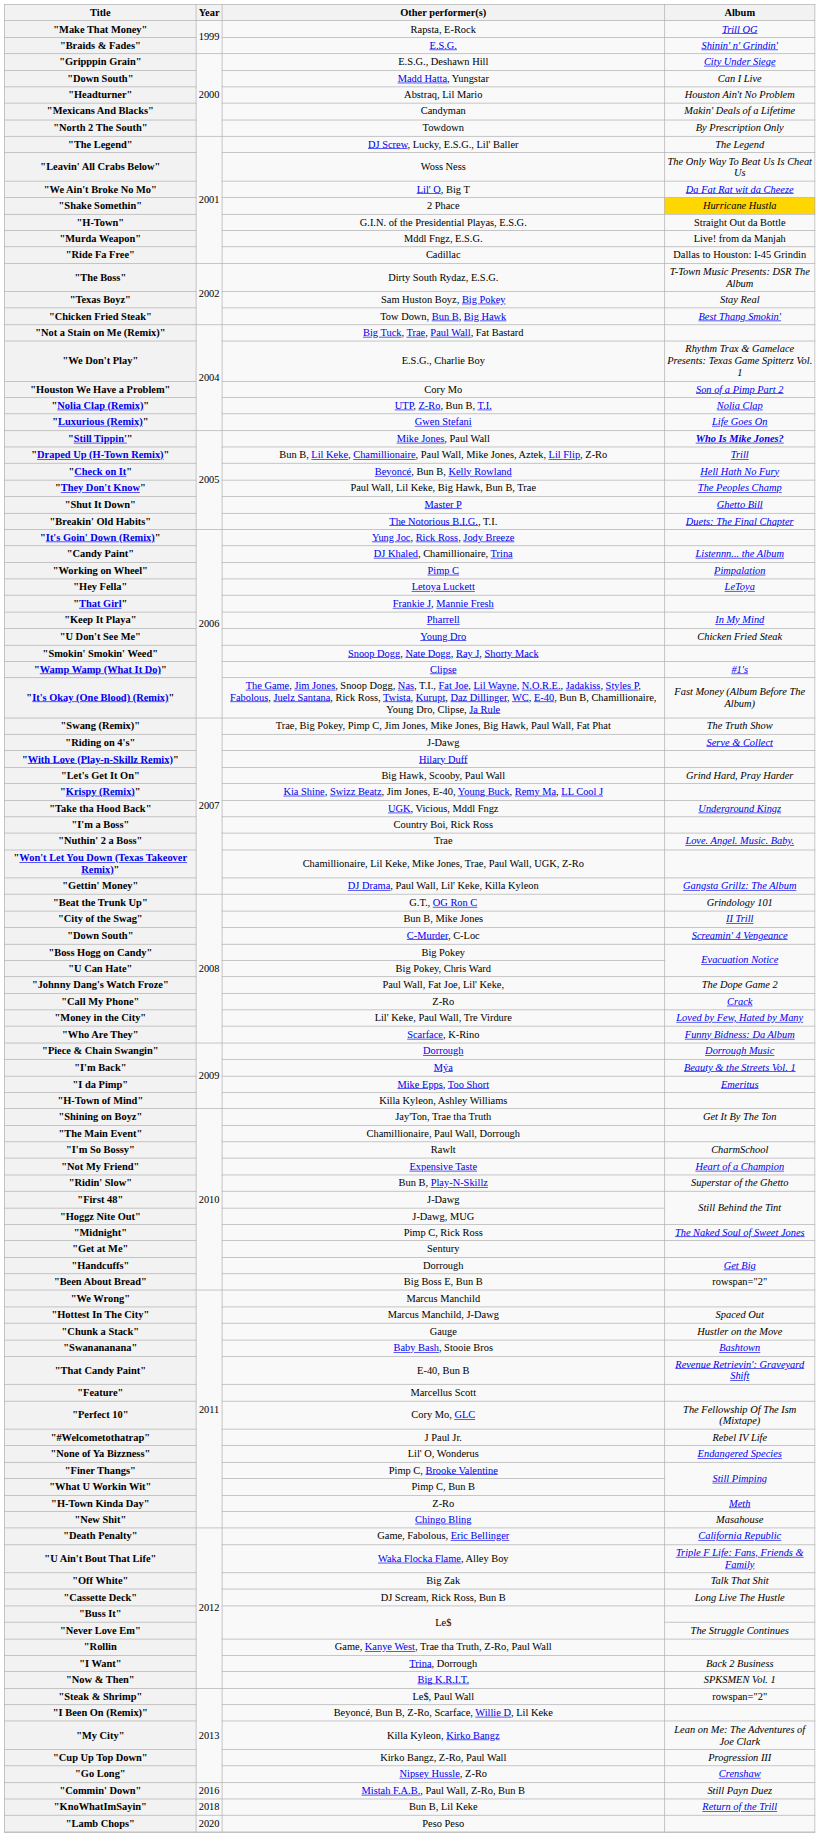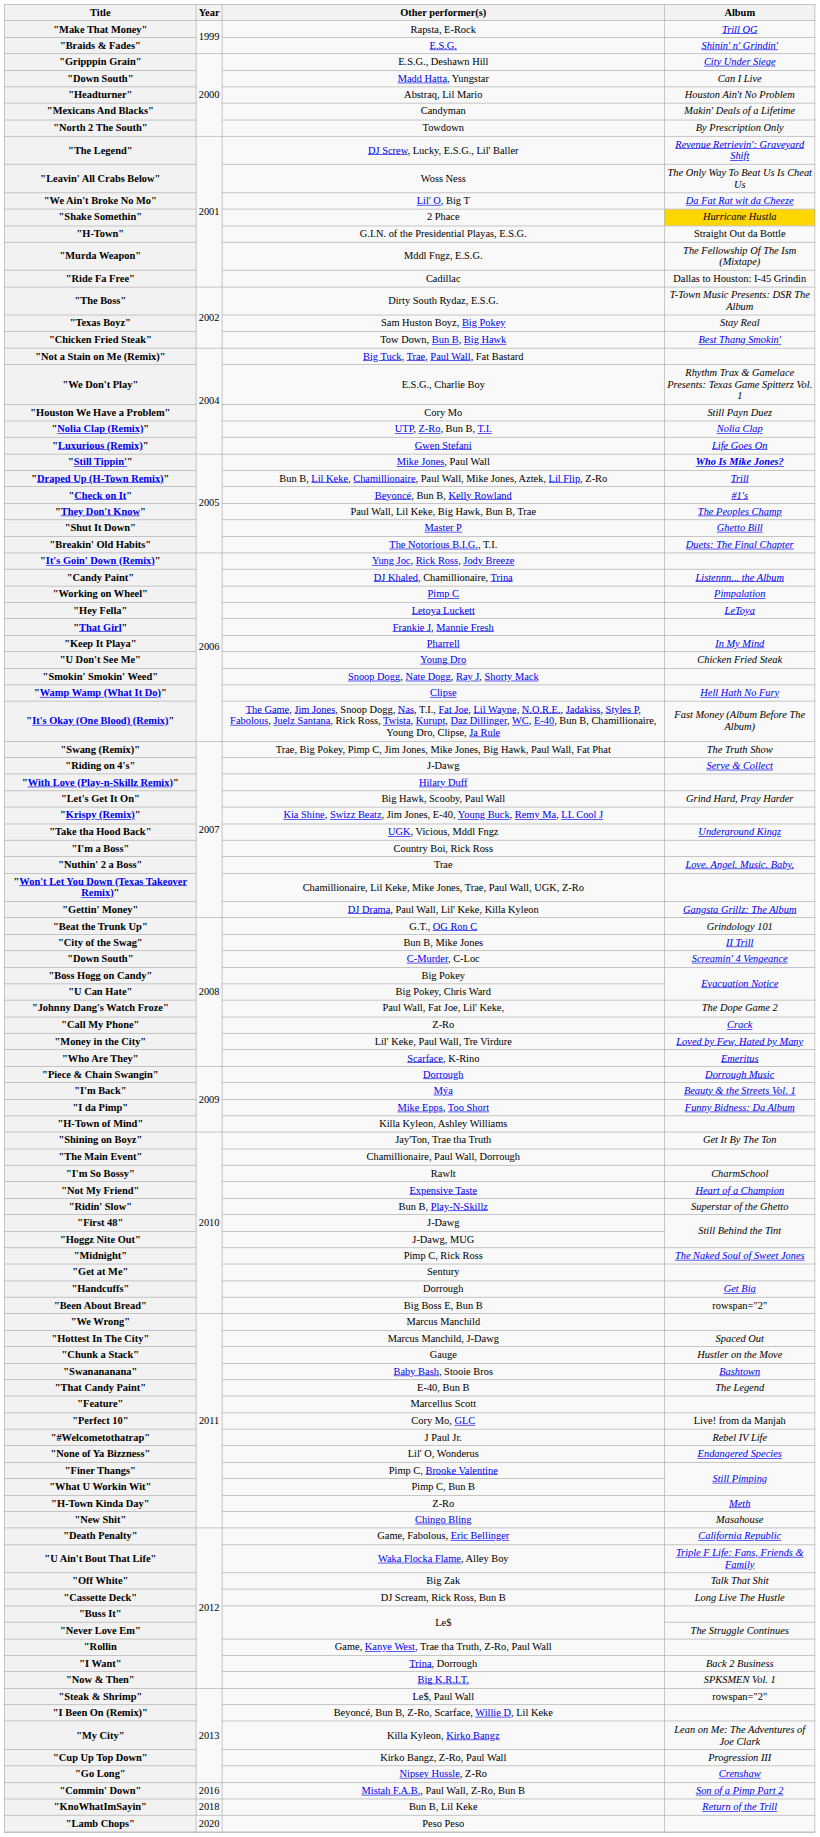 <table class="wikitable plainrowheaders" style="text-align:center;">
 <tr>
 <th scope="col" style="width:18em;">Title</th>
 <th scope="col">Year</th>
 <th scope="col">Other performer(s)</th>
 <th scope="col">Album</th>
 </tr>
 <tr>
 <th scope="row">"Make That Money"</th>
 <td rowspan="2">1999</td>
 <td>Rapsta, E-Rock</td>
 <td><em><a href='#'>Trill OG</a></em></td>
 </tr>
 <tr>
 <th scope="row">"Braids & Fades"</th>
 <td><a href='#'>E.S.G.</a></td>
 <td><em><a href='#'>Shinin' n' Grindin'</a></em></td>
 </tr>
 <tr>
 <th scope="row">"Gripppin Grain"</th>
 <td rowspan="5">2000</td>
 <td>E.S.G., Deshawn Hill</td>
 <td><em><a href='#'>City Under Siege</a></em></td>
 </tr>
 <tr>
 <th scope="row">"Down South"</th>
 <td><a href='#'>Madd Hatta</a>, Yungstar</td>
 <td><em>Can I Live</em></td>
 </tr>
 <tr>
 <th scope="row">"Headturner"</th>
 <td>Abstraq, Lil Mario</td>
 <td><em>Houston Ain't No Problem</em></td>
 </tr>
 <tr>
 <th scope="row">"Mexicans And Blacks"</th>
 <td>Candyman</td>
 <td><em>Makin' Deals of a Lifetime</em></td>
 </tr>
 <tr>
 <th scope="row">"North 2 The South"</th>
 <td>Towdown</td>
 <td><em>By Prescription Only</em></td>
 </tr>
 <tr>
 <th scope="row">"The Legend"</th>
 <td rowspan="7">2001</td>
 <td><a href='#'>DJ Screw</a>, Lucky, E.S.G., Lil' Baller</td>
-<td><em>The Legend</em></td>
+<td><em><a href='#'>Revenue Retrievin': Graveyard Shift</a></em></td>
 </tr>
 <tr>
 <th scope="row">"Leavin' All Crabs Below"</th>
 <td>Woss Ness</td>
 <td><em>The Only Way To Beat Us Is Cheat Us</em></td>
 </tr>
 <tr>
 <th scope="row">"We Ain't Broke No Mo"</th>
 <td><a href='#'>Lil' O</a>, Big T</td>
 <td><em><a href='#'>Da Fat Rat wit da Cheeze</a></em></td>
 </tr>
 <tr>
 <th scope="row">"Shake Somethin"</th>
 <td>2 Phace</td>
 <td style="background: gold;"><em>Hurricane Hustla<strong></td>
 </tr>
 <tr>
 <th scope="row">"H-Town"</th>
 <td>G.I.N. of the Presidential Playas, E.S.G.</td>
 <td></em>Straight Out da Bottle<em></td>
 </tr>
 <tr>
 <th scope="row">"Murda Weapon"</th>
 <td>Mddl Fngz, E.S.G.</td>
-<td></em>Live! from da Manjah<em></td>
+<td><em>The Fellowship Of The Ism (Mixtape)</em></td>
 </tr>
 <tr>
 <th scope="row">"Ride Fa Free"</th>
 <td>Cadillac</td>
 <td></em>Dallas to Houston: I-45 Grindin</strong></td>
 </tr>
 <tr>
 <th scope="row">"The Boss"</th>
 <td rowspan="3">2002</td>
 <td>Dirty South Rydaz, E.S.G.</td>
 <td><em>T-Town Music Presents: DSR The Album</em></td>
 </tr>
 <tr>
 <th scope="row">"Texas Boyz"</th>
 <td>Sam Huston Boyz, <a href='#'>Big Pokey</a></td>
 <td><em>Stay Real</em></td>
 </tr>
 <tr>
 <th scope="row">"Chicken Fried Steak"</th>
 <td>Tow Down, <a href='#'>Bun B</a>, <a href='#'>Big Hawk</a></td>
 <td><em><a href='#'>Best Thang Smokin'</a></em></td>
 </tr>
 <tr>
 <th scope="row">"Not a Stain on Me (Remix)"</th>
 <td rowspan="5">2004</td>
 <td><a href='#'>Big Tuck</a>, <a href='#'>Trae</a>, <a href='#'>Paul Wall</a>, Fat Bastard</td>
 <td></td>
 </tr>
 <tr>
 <th scope="row">"We Don't Play"</th>
 <td>E.S.G., Charlie Boy</td>
 <td><em>Rhythm Trax & Gamelace Presents: Texas Game Spitterz Vol. 1</em></td>
 </tr>
 <tr>
 <th scope="row">"Houston We Have a Problem"</th>
 <td>Cory Mo</td>
-<td><em><a href='#'>Son of a Pimp Part 2</a></em></td>
+<td><em>Still Payn Duez</em></td>
 </tr>
 <tr>
 <th scope="row">"<a href='#'>Nolia Clap (Remix)</a>"</th>
 <td><a href='#'>UTP</a>, <a href='#'>Z-Ro</a>, Bun B, <a href='#'>T.I.</a></td>
 <td><em><a href='#'>Nolia Clap</a></em></td>
 </tr>
 <tr>
 <th scope="row">"<a href='#'>Luxurious (Remix)</a>"</th>
 <td><a href='#'>Gwen Stefani</a></td>
 <td><em><a href='#'>Life Goes On</a></em></td>
 </tr>
 <tr>
 <th scope="row">"<a href='#'>Still Tippin'</a>"</th>
 <td rowspan="6">2005</td>
 <td><a href='#'>Mike Jones</a>, Paul Wall</td>
 <td><strong><em><a href='#'>Who Is Mike Jones?</a></em></strong></td>
 </tr>
 <tr>
 <th scope="row">"<a href='#'>Draped Up (H-Town Remix)</a>"</th>
 <td>Bun B, <a href='#'>Lil Keke</a>, <a href='#'>Chamillionaire</a>, Paul Wall, Mike Jones, Aztek, <a href='#'>Lil Flip</a>, Z-Ro</td>
 <td><em><a href='#'>Trill</a></em></td>
 </tr>
 <tr>
 <th scope="row">"<a href='#'>Check on It</a>"</th>
 <td><a href='#'>Beyoncé</a>, Bun B, <a href='#'>Kelly Rowland</a></td>
-<td><em><a href='#'>Hell Hath No Fury</a></em></td>
+<td><em><a href='#'>#1's</a></em></td>
 </tr>
 <tr>
 <th scope="row">"<a href='#'>They Don't Know</a>"</th>
 <td>Paul Wall, Lil Keke, Big Hawk, Bun B, Trae</td>
 <td><em><a href='#'>The Peoples Champ</a></em></td>
 </tr>
 <tr>
 <th scope="row">"Shut It Down"</th>
 <td><a href='#'>Master P</a></td>
 <td><em><a href='#'>Ghetto Bill</a></em></td>
 </tr>
 <tr>
 <th scope="row">"Breakin' Old Habits"</th>
 <td><a href='#'>The Notorious B.I.G.</a>, T.I.</td>
 <td><em><a href='#'>Duets: The Final Chapter</a></em></td>
 </tr>
 <tr>
 <th scope="row">"<a href='#'>It's Goin' Down (Remix)</a>"</th>
 <td rowspan="10">2006</td>
 <td><a href='#'>Yung Joc</a>, <a href='#'>Rick Ross</a>, <a href='#'>Jody Breeze</a></td>
 <td></td>
 </tr>
 <tr>
 <th scope="row">"Candy Paint"</th>
 <td><a href='#'>DJ Khaled</a>, Chamillionaire, <a href='#'>Trina</a></td>
 <td><em><a href='#'>Listennn... the Album</a></em></td>
 </tr>
 <tr>
 <th scope="row">"Working on Wheel"</th>
 <td><a href='#'>Pimp C</a></td>
 <td><em><a href='#'>Pimpalation</a></em></td>
 </tr>
 <tr>
 <th scope="row">"Hey Fella"</th>
 <td><a href='#'>Letoya Luckett</a></td>
 <td><em><a href='#'>LeToya</a></em></td>
 </tr>
 <tr>
 <th scope="row">"<a href='#'>That Girl</a>"</th>
 <td><a href='#'>Frankie J</a>, <a href='#'>Mannie Fresh</a></td>
 <td></td>
 </tr>
 <tr>
 <th scope="row">"Keep It Playa"</th>
 <td><a href='#'>Pharrell</a></td>
 <td><em><a href='#'>In My Mind</a></em></td>
 </tr>
 <tr>
 <th scope="row">"U Don't See Me"</th>
 <td><a href='#'>Young Dro</a></td>
 <td><em>Chicken Fried Steak</em></td>
 </tr>
 <tr>
 <th scope="row">"Smokin' Smokin' Weed"</th>
 <td><a href='#'>Snoop Dogg</a>, <a href='#'>Nate Dogg</a>, <a href='#'>Ray J</a>, <a href='#'>Shorty Mack</a></td>
 <td></td>
 </tr>
 <tr>
 <th scope="row">"<a href='#'>Wamp Wamp (What It Do)</a>"</th>
 <td><a href='#'>Clipse</a></td>
-<td><em><a href='#'>#1's</a></em></td>
+<td><em><a href='#'>Hell Hath No Fury</a></em></td>
 </tr>
 <tr>
 <th scope="row">"<a href='#'>It's Okay (One Blood) (Remix)</a>"</th>
 <td><a href='#'>The Game</a>, <a href='#'>Jim Jones</a>, Snoop Dogg, <a href='#'>Nas</a>, T.I., <a href='#'>Fat Joe</a>, <a href='#'>Lil Wayne</a>, <a href='#'>N.O.R.E.</a>, <a href='#'>Jadakiss</a>, <a href='#'>Styles P</a>, <a href='#'>Fabolous</a>, <a href='#'>Juelz Santana</a>, Rick Ross, <a href='#'>Twista</a>, <a href='#'>Kurupt</a>, <a href='#'>Daz Dillinger</a>, <a href='#'>WC</a>, <a href='#'>E-40</a>, Bun B, Chamillionaire, Young Dro, Clipse, <a href='#'>Ja Rule</a></td>
 <td><em>Fast Money (Album Before The Album)</em></td>
 </tr>
 <tr>
 <th scope="row">"Swang (Remix)"</th>
 <td rowspan="10">2007</td>
 <td>Trae, Big Pokey, Pimp C, Jim Jones, Mike Jones, Big Hawk, Paul Wall, Fat Phat</td>
 <td><em>The Truth Show</em></td>
 </tr>
 <tr>
 <th scope="row">"Riding on 4's"</th>
 <td>J-Dawg</td>
 <td><em><a href='#'>Serve & Collect</a></em></td>
 </tr>
 <tr>
 <th scope="row">"<a href='#'>With Love (Play-n-Skillz Remix)</a>"</th>
 <td><a href='#'>Hilary Duff</a></td>
 <td></td>
 </tr>
 <tr>
 <th scope="row">"Let's Get It On"</th>
 <td>Big Hawk, Scooby, Paul Wall</td>
 <td><em>Grind Hard, Pray Harder</em></td>
 </tr>
 <tr>
 <th scope="row">"<a href='#'>Krispy (Remix)</a>"</th>
 <td><a href='#'>Kia Shine</a>, <a href='#'>Swizz Beatz</a>, Jim Jones, E-40, <a href='#'>Young Buck</a>, <a href='#'>Remy Ma</a>, <a href='#'>LL Cool J</a></td>
 <td></td>
 </tr>
 <tr>
 <th scope="row">"Take tha Hood Back"</th>
 <td><a href='#'>UGK</a>, Vicious, Mddl Fngz</td>
 <td><em><a href='#'>Underground Kingz</a></em></td>
 </tr>
 <tr>
 <th scope="row">"I'm a Boss"</th>
 <td>Country Boi, Rick Ross</td>
 <td></td>
 </tr>
 <tr>
 <th scope="row">"Nuthin' 2 a Boss"</th>
 <td>Trae</td>
 <td><em><a href='#'>Love. Angel. Music. Baby.</a></em></td>
 </tr>
 <tr>
 <th scope="row">"<a href='#'>Won't Let You Down (Texas Takeover Remix)</a>"</th>
 <td>Chamillionaire, Lil Keke, Mike Jones, Trae, Paul Wall, UGK, Z-Ro</td>
 <td></td>
 </tr>
 <tr>
 <th scope="row">"Gettin' Money"</th>
 <td><a href='#'>DJ Drama</a>, Paul Wall, Lil' Keke, Killa Kyleon</td>
 <td><em><a href='#'>Gangsta Grillz: The Album</a></em></td>
 </tr>
 <tr>
 <th scope="row">"Beat the Trunk Up"</th>
 <td rowspan="9">2008</td>
 <td>G.T., <a href='#'>OG Ron C</a></td>
 <td><em>Grindology 101</em></td>
 </tr>
 <tr>
 <th scope="row">"City of the Swag"</th>
 <td>Bun B, Mike Jones</td>
 <td><em><a href='#'>II Trill</a></em></td>
 </tr>
 <tr>
 <th scope="row">"Down South"</th>
 <td><a href='#'>C-Murder</a>, C-Loc</td>
 <td><em><a href='#'>Screamin' 4 Vengeance</a></em></td>
 </tr>
 <tr>
 <th scope="row">"Boss Hogg on Candy"</th>
 <td>Big Pokey</td>
 <td rowspan="2"><em><a href='#'>Evacuation Notice</a></em></td>
 </tr>
 <tr>
 <th scope="row">"U Can Hate"</th>
 <td>Big Pokey, Chris Ward</td>
 </tr>
 <tr>
 <th scope="row">"Johnny Dang's Watch Froze"</th>
 <td>Paul Wall, Fat Joe, Lil' Keke,</td>
 <td><em>The Dope Game 2</em></td>
 </tr>
 <tr>
 <th scope="row">"Call My Phone"</th>
 <td>Z-Ro</td>
 <td><em><a href='#'>Crack</a></em></td>
 </tr>
 <tr>
 <th scope="row">"Money in the City"</th>
 <td>Lil' Keke, Paul Wall, Tre Virdure</td>
 <td><em><a href='#'>Loved by Few, Hated by Many</a></em></td>
 </tr>
 <tr>
 <th scope="row">"Who Are They"</th>
 <td><a href='#'>Scarface</a>, K-Rino</td>
-<td><em><a href='#'>Funny Bidness: Da Album</a></em></td>
+<td><em><a href='#'>Emeritus</a></em></td>
 </tr>
 <tr>
 <th scope="row">"Piece & Chain Swangin"</th>
 <td rowspan="4">2009</td>
 <td><a href='#'>Dorrough</a></td>
 <td><em><a href='#'>Dorrough Music</a></em></td>
 </tr>
 <tr>
 <th scope="row">"I'm Back"</th>
 <td><a href='#'>Mýa</a></td>
 <td><em><a href='#'>Beauty & the Streets Vol. 1</a></em></td>
 </tr>
 <tr>
 <th scope="row">"I da Pimp"</th>
 <td><a href='#'>Mike Epps</a>, <a href='#'>Too Short</a></td>
-<td><em><a href='#'>Emeritus</a></em></td>
+<td><em><a href='#'>Funny Bidness: Da Album</a></em></td>
 </tr>
 <tr>
 <th scope="row">"H-Town of Mind"</th>
 <td>Killa Kyleon, Ashley Williams</td>
 <td></td>
 </tr>
 <tr>
 <th scope="row">"Shining on Boyz"</th>
 <td rowspan="11">2010</td>
 <td>Jay'Ton, Trae tha Truth</td>
 <td><em>Get It By The Ton</em></td>
 </tr>
 <tr>
 <th scope="row">"The Main Event"</th>
 <td>Chamillionaire, Paul Wall, Dorrough</td>
 <td></td>
 </tr>
 <tr>
 <th scope="row">"I'm So Bossy"</th>
 <td>Rawlt</td>
 <td><em>CharmSchool</em></td>
 </tr>
 <tr>
 <th scope="row">"Not My Friend"</th>
 <td><a href='#'>Expensive Taste</a></td>
 <td><em><a href='#'>Heart of a Champion</a></em></td>
 </tr>
 <tr>
 <th scope="row">"Ridin' Slow"</th>
 <td>Bun B, <a href='#'>Play-N-Skillz</a></td>
 <td><em>Superstar of the Ghetto</em></td>
 </tr>
 <tr>
 <th scope="row">"First 48"</th>
 <td>J-Dawg</td>
 <td rowspan="2"><em>Still Behind the Tint</em></td>
 </tr>
 <tr>
 <th scope="row">"Hoggz Nite Out"</th>
 <td>J-Dawg, MUG</td>
 </tr>
 <tr>
 <th scope="row">"Midnight"</th>
 <td>Pimp C, Rick Ross</td>
 <td><em><a href='#'>The Naked Soul of Sweet Jones</a></em></td>
 </tr>
 <tr>
 <th scope="row">"Get at Me"</th>
 <td>Sentury</td>
 <td></td>
 </tr>
 <tr>
 <th scope="row">"Handcuffs"</th>
 <td>Dorrough</td>
 <td><em><a href='#'>Get Big</a></em></td>
 </tr>
 <tr>
 <th scope="row">"Been About Bread"</th>
 <td>Big Boss E, Bun B</td>
 <td>rowspan="2" </td>
 </tr>
 <tr>
 <th scope="row">"We Wrong"</th>
 <td rowspan="13">2011</td>
 <td>Marcus Manchild</td>
 </tr>
 <tr>
 <th scope="row">"Hottest In The City"</th>
 <td>Marcus Manchild, J-Dawg</td>
 <td><em>Spaced Out</em></td>
 </tr>
 <tr>
 <th scope="row">"Chunk a Stack"</th>
 <td>Gauge</td>
 <td><em>Hustler on the Move</em></td>
 </tr>
 <tr>
 <th scope="row">"Swanananana"</th>
 <td><a href='#'>Baby Bash</a>, Stooie Bros</td>
 <td><em><a href='#'>Bashtown</a></em></td>
 </tr>
 <tr>
 <th scope="row">"That Candy Paint"</th>
 <td>E-40, Bun B</td>
-<td><em><a href='#'>Revenue Retrievin': Graveyard Shift</a></em></td>
+<td><em>The Legend</em></td>
 </tr>
 <tr>
 <th scope="row">"Feature"</th>
 <td>Marcellus Scott</td>
 <td></td>
 </tr>
 <tr>
 <th scope="row">"Perfect 10"</th>
 <td>Cory Mo, <a href='#'>GLC</a></td>
-<td><em>The Fellowship Of The Ism (Mixtape)</em></td>
+<td></em>Live! from da Manjah<em></td>
 </tr>
 <tr>
 <th scope="row">"#Welcometothatrap"</th>
 <td>J Paul Jr.</td>
 <td><em>Rebel IV Life</em></td>
 </tr>
 <tr>
 <th scope="row">"None of Ya Bizzness"</th>
 <td>Lil' O, Wonderus</td>
 <td><em><a href='#'>Endangered Species</a></em></td>
 </tr>
 <tr>
 <th scope="row">"Finer Thangs"</th>
 <td>Pimp C, <a href='#'>Brooke Valentine</a></td>
 <td rowspan="2"><em><a href='#'>Still Pimping</a></em></td>
 </tr>
 <tr>
 <th scope="row">"What U Workin Wit"</th>
 <td>Pimp C, Bun B</td>
 </tr>
 <tr>
 <th scope="row">"H-Town Kinda Day"</th>
 <td>Z-Ro</td>
 <td><em><a href='#'>Meth</a></em></td>
 </tr>
 <tr>
 <th scope="row">"New Shit"</th>
 <td><a href='#'>Chingo Bling</a></td>
 <td><em>Masahouse</em></td>
 </tr>
 <tr>
 <th scope="row">"Death Penalty"</th>
 <td rowspan="9">2012</td>
 <td>Game, Fabolous, <a href='#'>Eric Bellinger</a></td>
 <td><em><a href='#'>California Republic</a></em></td>
 </tr>
 <tr>
 <th scope="row">"U Ain't Bout That Life"</th>
 <td><a href='#'>Waka Flocka Flame</a>, Alley Boy</td>
 <td><em><a href='#'>Triple F Life: Fans, Friends & Family</a></em></td>
 </tr>
 <tr>
 <th scope="row">"Off White"</th>
 <td>Big Zak</td>
 <td><em>Talk That Shit</em></td>
 </tr>
 <tr>
 <th scope="row">"Cassette Deck"</th>
 <td>DJ Scream, Rick Ross, Bun B</td>
 <td><em>Long Live The Hustle</em></td>
 </tr>
 <tr>
 <th scope="row">"Buss It"</th>
 <td rowspan="2">Le$</td>
 <td></td>
 </tr>
 <tr>
 <th scope="row">"Never Love Em"</th>
 <td><em>The Struggle Continues</em></td>
 </tr>
 <tr>
 <th scope="row">"Rollin</th>
 <td>Game, <a href='#'>Kanye West</a>, Trae tha Truth, Z-Ro, Paul Wall</td>
 <td></td>
 </tr>
 <tr>
 <th scope="row">"I Want"</th>
 <td><a href='#'>Trina</a>, Dorrough</td>
 <td><em>Back 2 Business</em></td>
 </tr>
 <tr>
 <th scope="row">"Now & Then"</th>
 <td><a href='#'>Big K.R.I.T.</a></td>
 <td><em>SPKSMEN Vol. 1</em></td>
 </tr>
 <tr>
 <th scope="row">"Steak & Shrimp"</th>
 <td rowspan="5">2013</td>
 <td>Le$, Paul Wall</td>
 <td>rowspan="2" </td>
 </tr>
 <tr>
 <th scope="row">"I Been On (Remix)"</th>
 <td>Beyoncé, Bun B, Z-Ro, Scarface, <a href='#'>Willie D</a>, Lil Keke</td>
 </tr>
 <tr>
 <th scope="row">"My City"</th>
 <td>Killa Kyleon, <a href='#'>Kirko Bangz</a></td>
 <td><em>Lean on Me: The Adventures of Joe Clark</em></td>
 </tr>
 <tr>
 <th scope="row">"Cup Up Top Down"</th>
 <td>Kirko Bangz, Z-Ro, Paul Wall</td>
 <td><em>Progression III</em></td>
 </tr>
 <tr>
 <th scope="row">"Go Long"</th>
 <td><a href='#'>Nipsey Hussle</a>, Z-Ro</td>
 <td><em><a href='#'>Crenshaw</a></em></td>
 </tr>
 <tr>
 <th scope="row">"Commin' Down"</th>
 <td>2016</td>
 <td><a href='#'>Mistah F.A.B.</a>, Paul Wall, Z-Ro, Bun B</td>
-<td><em>Still Payn Duez</em></td>
+<td><em><a href='#'>Son of a Pimp Part 2</a></em></td>
 </tr>
 <tr>
 <th scope="row">"KnoWhatImSayin"</th>
 <td>2018</td>
 <td>Bun B, Lil Keke</td>
 <td><em><a href='#'>Return of the Trill</a></em></td>
 </tr>
 <tr>
 <th scope="row">"Lamb Chops"</th>
 <td>2020</td>
 <td>Peso Peso</td>
 <td></td>
 </tr>
 <tr>
 </tr>
 </table>
